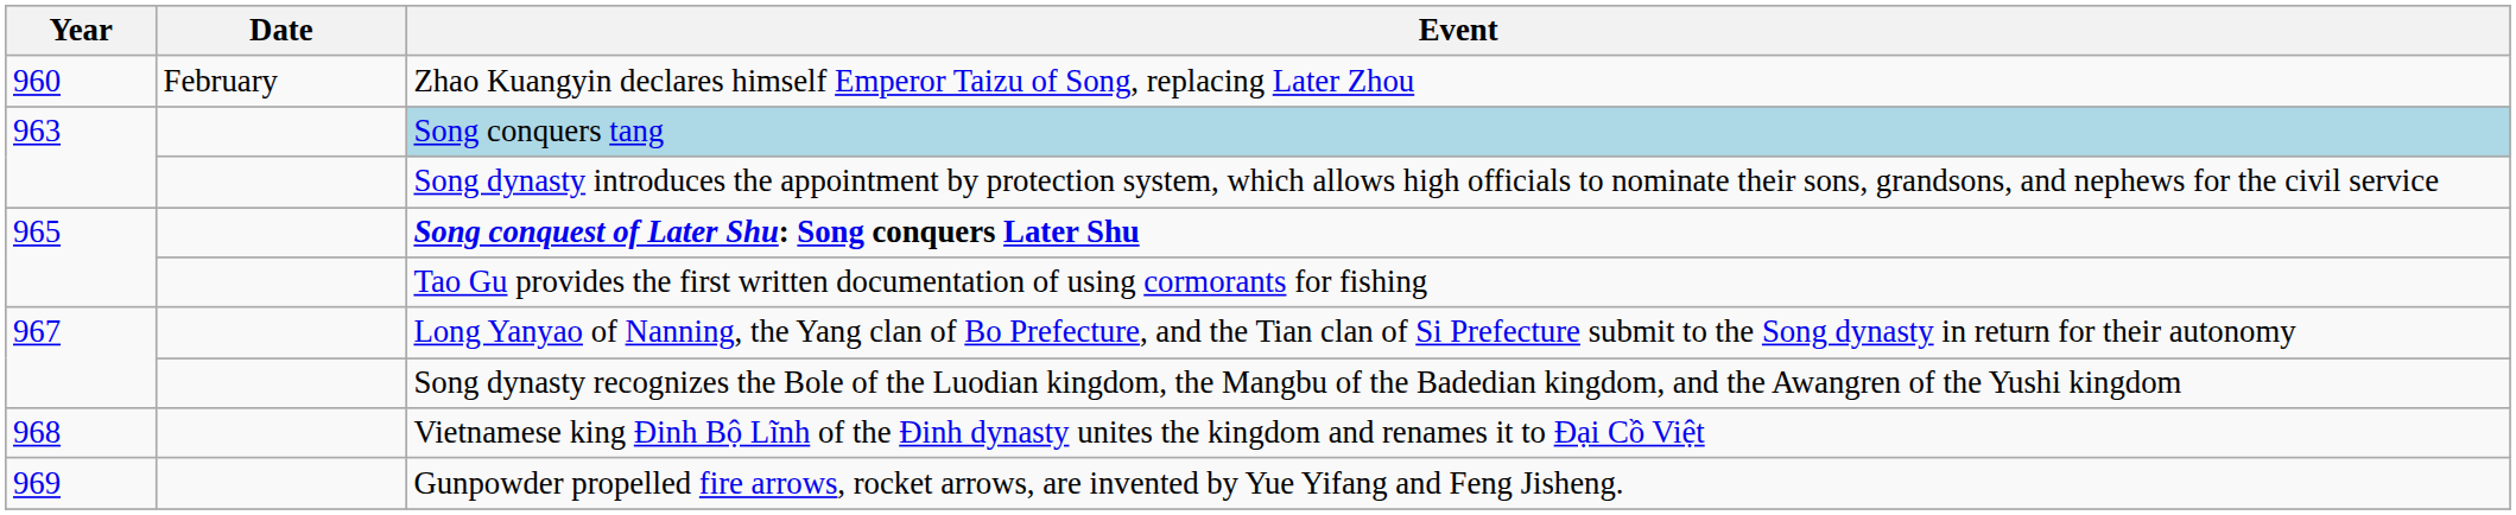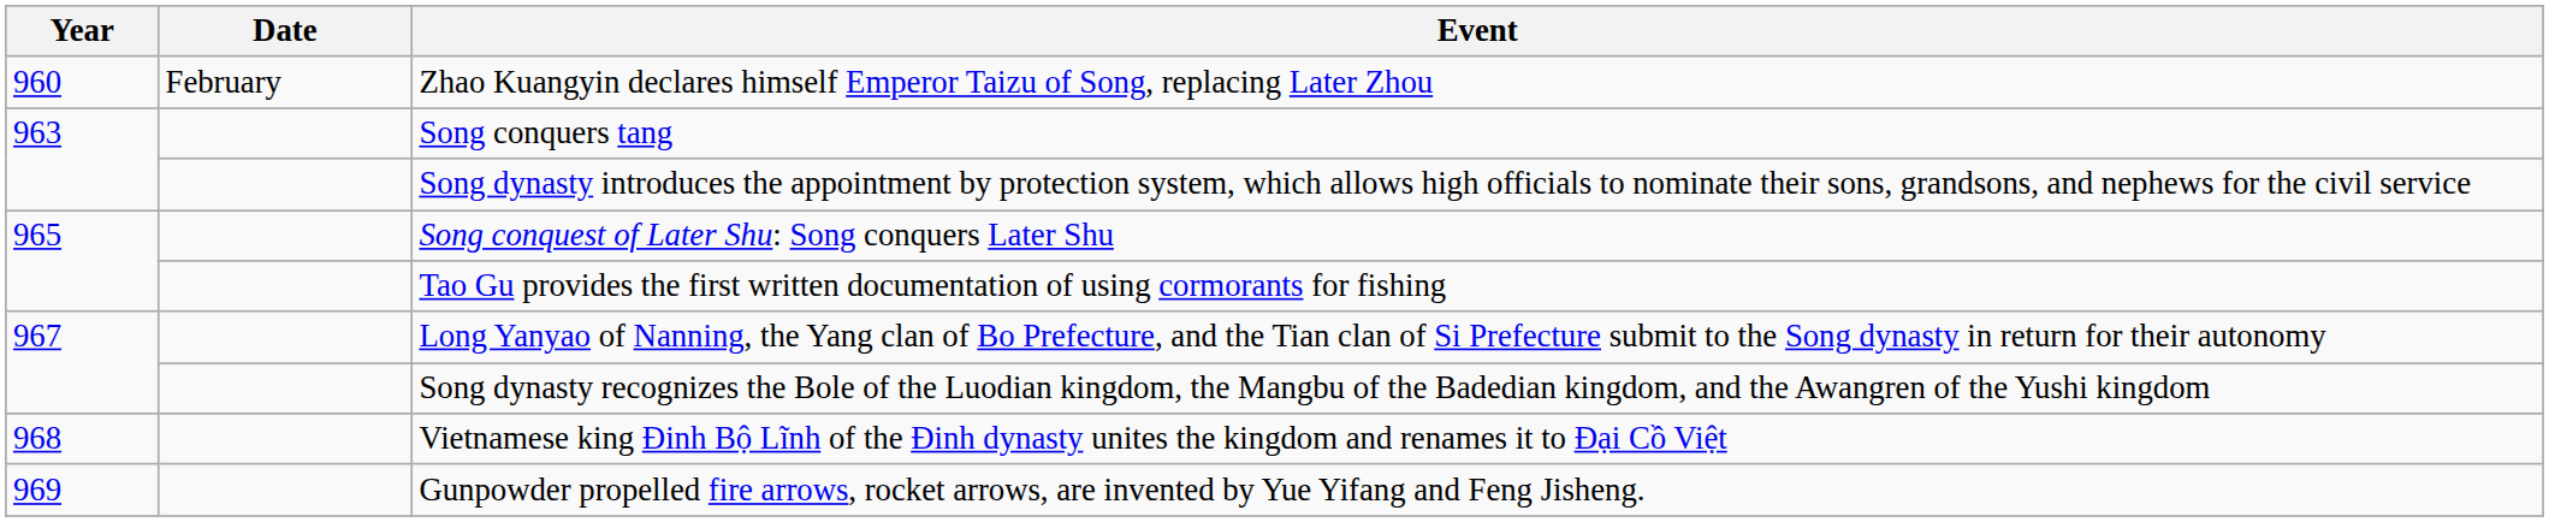 <table class="wikitable" width="100%">
 <tr>
 <th style="width:6%">Year</th>
 <th style="width:10%">Date</th>
 <th>Event</th>
 </tr>
 <tr>
 <td><a href='#'>960</a></td>
 <td>February</td>
 <td>Zhao Kuangyin declares himself <a href='#'>Emperor Taizu of Song</a>, replacing <a href='#'>Later Zhou</a></td>
 </tr>
 <tr>
 <td rowspan="2" valign="top"><a href='#'>963</a></td>
 <td></td>
-<td style="background: lightblue;"><a href='#'>Song</a> conquers <a href='#'>tang</a></td>
+<td><a href='#'>Song</a> conquers <a href='#'>tang</a></td>
 </tr>
 <tr>
 <td></td>
 <td><a href='#'>Song dynasty</a> introduces the appointment by protection system, which allows high officials to nominate their sons, grandsons, and nephews for the civil service</td>
 </tr>
 <tr>
 <td rowspan="2" valign="top"><a href='#'>965</a></td>
 <td></td>
-<td><strong><em><a href='#'>Song conquest of Later Shu</a></em>: <a href='#'>Song</a> conquers <a href='#'>Later Shu</a></strong></td>
+<td><em><a href='#'>Song conquest of Later Shu</a></em>: <a href='#'>Song</a> conquers <a href='#'>Later Shu</a></td>
 </tr>
 <tr>
 <td></td>
 <td><a href='#'>Tao Gu</a> provides the first written documentation of using <a href='#'>cormorants</a> for fishing</td>
 </tr>
 <tr>
 <td rowspan="2" valign="top"><a href='#'>967</a></td>
 <td></td>
 <td><a href='#'>Long Yanyao</a> of <a href='#'>Nanning</a>, the Yang clan of <a href='#'>Bo Prefecture</a>, and the Tian clan of <a href='#'>Si Prefecture</a> submit to the <a href='#'>Song dynasty</a> in return for their autonomy</td>
 </tr>
 <tr>
 <td></td>
 <td>Song dynasty recognizes the Bole of the Luodian kingdom, the Mangbu of the Badedian kingdom, and the Awangren of the Yushi kingdom</td>
 </tr>
 <tr>
 <td><a href='#'>968</a></td>
 <td></td>
 <td>Vietnamese king <a href='#'>Đinh Bộ Lĩnh</a> of the <a href='#'>Đinh dynasty</a> unites the kingdom and renames it to <a href='#'>Đại Cồ Việt</a></td>
 </tr>
 <tr>
 <td><a href='#'>969</a></td>
 <td></td>
 <td>Gunpowder propelled <a href='#'>fire arrows</a>, rocket arrows, are invented by Yue Yifang and Feng Jisheng.</td>
 </tr>
 </table>
